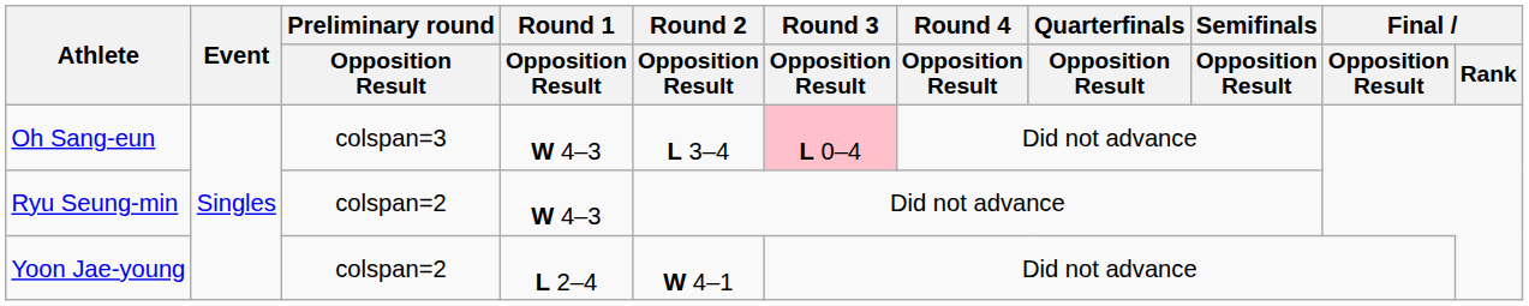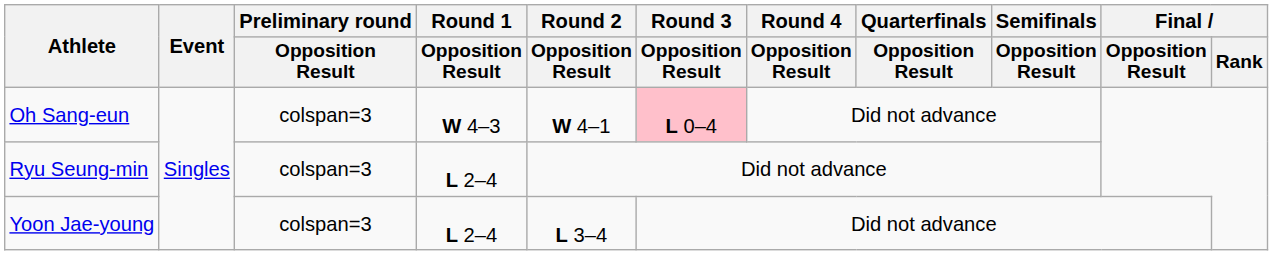 <table class="wikitable" style="font-size:90%">
 <tr>
 <th rowspan="2">Athlete</th>
 <th rowspan="2">Event</th>
 <th>Preliminary round</th>
 <th>Round 1</th>
 <th>Round 2</th>
 <th>Round 3</th>
 <th>Round 4</th>
 <th>Quarterfinals</th>
 <th>Semifinals</th>
 <th colspan=2>Final / </th>
 </tr>
 <tr style="font-size:95%">
 <th>Opposition<br>Result</th>
 <th>Opposition<br>Result</th>
 <th>Opposition<br>Result</th>
 <th>Opposition<br>Result</th>
 <th>Opposition<br>Result</th>
 <th>Opposition<br>Result</th>
 <th>Opposition<br>Result</th>
 <th>Opposition<br>Result</th>
 <th>Rank</th>
 </tr>
 <tr align=center>
 <td align=left><a href='#'>Oh Sang-eun</a></td>
 <td align=left rowspan=3><a href='#'>Singles</a></td>
 <td>colspan=3 </td>
 <td><br><strong>W</strong> 4–3</td>
-<td><br><strong>L</strong> 3–4</td>
+<td><br><strong>W</strong> 4–1</td>
 <td style="background: pink;"><br><strong>L</strong> 0–4</td>
 <td colspan=3>Did not advance</td>
 </tr>
 <tr align=center>
 <td align=left><a href='#'>Ryu Seung-min</a></td>
-<td>colspan=2 </td>
-<td><br><strong>W</strong> 4–3</td>
+<td>colspan=3 </td>
+<td><br><strong>L</strong> 2–4</td>
 <td colspan=5>Did not advance</td>
 </tr>
 <tr align=center>
 <td align=left><a href='#'>Yoon Jae-young</a></td>
-<td>colspan=2 </td>
+<td>colspan=3 </td>
 <td><br><strong>L</strong> 2–4</td>
-<td><br><strong>W</strong> 4–1</td>
+<td><br><strong>L</strong> 3–4</td>
 <td colspan=5>Did not advance</td>
 </tr>
 </table>
